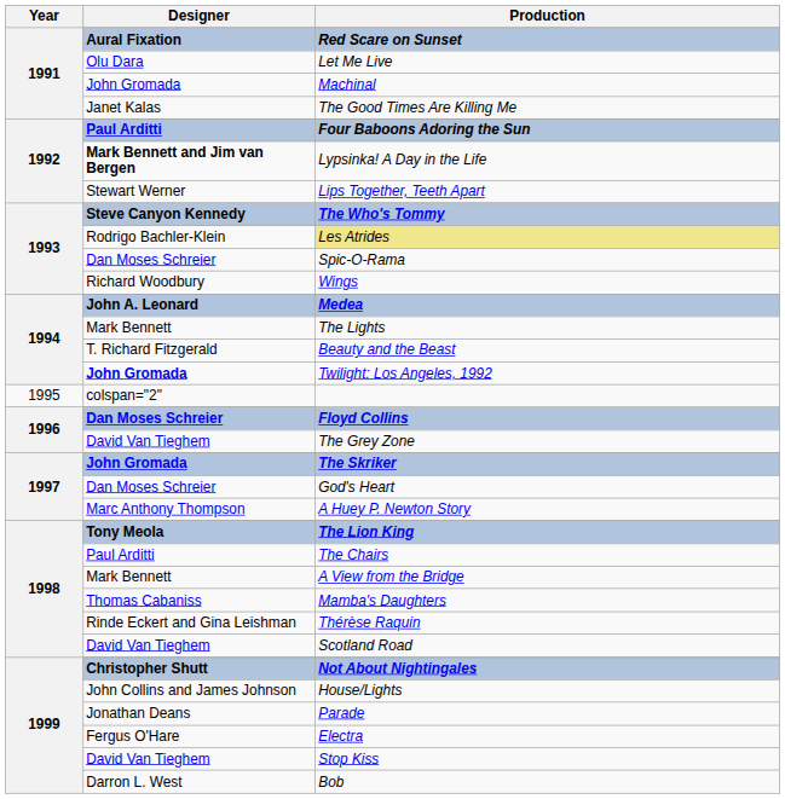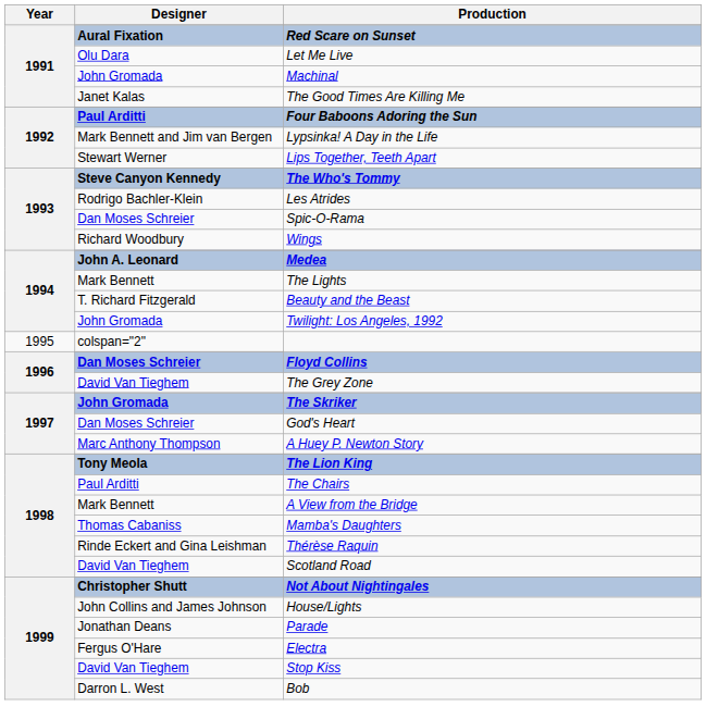 <table class="wikitable" style="width:98%;">
 <tr style="background:#bebebe;">
 <th style="width:10%;">Year</th>
 <th style="width:30%;">Designer</th>
 <th style="width:60%;">Production</th>
 </tr>
 <tr>
 <th rowspan="5" align="center">1991</th>
 </tr>
 <tr style="background:#B0C4DE">
 <td><strong>Aural Fixation</strong></td>
 <td><strong><em>Red Scare on Sunset</em></strong></td>
 </tr>
 <tr>
 <td><a href='#'>Olu Dara</a></td>
 <td><em>Let Me Live</em></td>
 </tr>
 <tr>
 <td><a href='#'>John Gromada</a></td>
 <td><em><a href='#'>Machinal</a></em></td>
 </tr>
 <tr>
 <td>Janet Kalas</td>
 <td><em>The Good Times Are Killing Me</em></td>
 </tr>
 <tr>
 <th rowspan="4" align="center">1992</th>
 </tr>
 <tr style="background:#B0C4DE">
 <td><strong><a href='#'>Paul Arditti</a></strong></td>
 <td><strong><em>Four Baboons Adoring the Sun</em></strong></td>
 </tr>
 <tr>
-<td><strong>Mark Bennett and Jim van Bergen</strong></td>
+<td>Mark Bennett and Jim van Bergen</td>
 <td><em>Lypsinka! A Day in the Life</em></td>
 </tr>
 <tr>
 <td>Stewart Werner</td>
 <td><em><a href='#'>Lips Together, Teeth Apart</a></em></td>
 </tr>
 <tr>
 <th rowspan="5" align="center">1993</th>
 </tr>
 <tr style="background:#B0C4DE">
 <td><strong>Steve Canyon Kennedy</strong></td>
 <td><strong><em><a href='#'>The Who's Tommy</a></em></strong></td>
 </tr>
 <tr>
 <td>Rodrigo Bachler-Klein</td>
-<td style="background: khaki;"><em>Les Atrides</em></td>
+<td><em>Les Atrides</em></td>
 </tr>
 <tr>
 <td><a href='#'>Dan Moses Schreier</a></td>
 <td><em>Spic-O-Rama</em></td>
 </tr>
 <tr>
 <td>Richard Woodbury</td>
 <td><em><a href='#'>Wings</a></em></td>
 </tr>
 <tr>
 <th rowspan="5" align="center">1994</th>
 </tr>
 <tr style="background:#B0C4DE">
 <td><strong>John A. Leonard</strong></td>
 <td><strong><em><a href='#'>Medea</a></em></strong></td>
 </tr>
 <tr>
 <td>Mark Bennett</td>
 <td><em>The Lights</em></td>
 </tr>
 <tr>
 <td>T. Richard Fitzgerald</td>
 <td><em><a href='#'>Beauty and the Beast</a></em></td>
 </tr>
 <tr>
-<td><strong><a href='#'>John Gromada</a></strong></td>
+<td><a href='#'>John Gromada</a></td>
 <td><em><a href='#'>Twilight: Los Angeles, 1992</a></em></td>
 </tr>
 <tr>
 <td align="center">1995</td>
 <td>colspan="2" </td>
 </tr>
 <tr>
 <th rowspan="3" align="center">1996</th>
 </tr>
 <tr style="background:#B0C4DE">
 <td><strong><a href='#'>Dan Moses Schreier</a></strong></td>
 <td><strong><em><a href='#'>Floyd Collins</a></em></strong></td>
 </tr>
 <tr>
 <td><a href='#'>David Van Tieghem</a></td>
 <td><em>The Grey Zone</em></td>
 </tr>
 <tr>
 <th rowspan="4" align="center">1997</th>
 </tr>
 <tr style="background:#B0C4DE">
 <td><strong><a href='#'>John Gromada</a></strong></td>
 <td><strong><em><a href='#'>The Skriker</a></em></strong></td>
 </tr>
 <tr>
 <td><a href='#'>Dan Moses Schreier</a></td>
 <td><em>God's Heart</em></td>
 </tr>
 <tr>
 <td><a href='#'>Marc Anthony Thompson</a></td>
 <td><em><a href='#'>A Huey P. Newton Story</a></em></td>
 </tr>
 <tr>
 <th rowspan="7" align="center">1998</th>
 </tr>
 <tr style="background:#B0C4DE">
 <td><strong>Tony Meola</strong></td>
 <td><strong><em><a href='#'>The Lion King</a></em></strong></td>
 </tr>
 <tr>
 <td><a href='#'>Paul Arditti</a></td>
 <td><em><a href='#'>The Chairs</a></em></td>
 </tr>
 <tr>
 <td>Mark Bennett</td>
 <td><em><a href='#'>A View from the Bridge</a></em></td>
 </tr>
 <tr>
 <td><a href='#'>Thomas Cabaniss</a></td>
 <td><em><a href='#'>Mamba's Daughters</a></em></td>
 </tr>
 <tr>
 <td>Rinde Eckert and Gina Leishman</td>
 <td><em><a href='#'>Thérèse Raquin</a></em></td>
 </tr>
 <tr>
 <td><a href='#'>David Van Tieghem</a></td>
 <td><em>Scotland Road</em></td>
 </tr>
 <tr>
 <th rowspan="7" align="center">1999</th>
 </tr>
 <tr style="background:#B0C4DE">
 <td><strong>Christopher Shutt</strong></td>
 <td><strong><em><a href='#'>Not About Nightingales</a></em></strong></td>
 </tr>
 <tr>
 <td>John Collins and James Johnson</td>
 <td><em>House/Lights</em></td>
 </tr>
 <tr>
 <td>Jonathan Deans</td>
 <td><em><a href='#'>Parade</a></em></td>
 </tr>
 <tr>
 <td>Fergus O'Hare</td>
 <td><em><a href='#'>Electra</a></em></td>
 </tr>
 <tr>
 <td><a href='#'>David Van Tieghem</a></td>
 <td><em><a href='#'>Stop Kiss</a></em></td>
 </tr>
 <tr>
 <td>Darron L. West</td>
 <td><em>Bob</em></td>
 </tr>
 </table>
